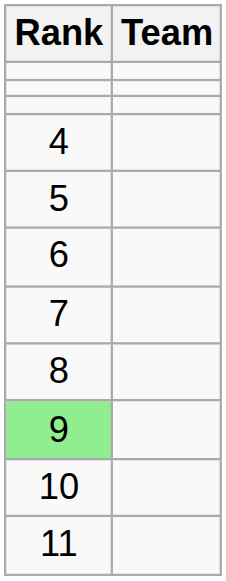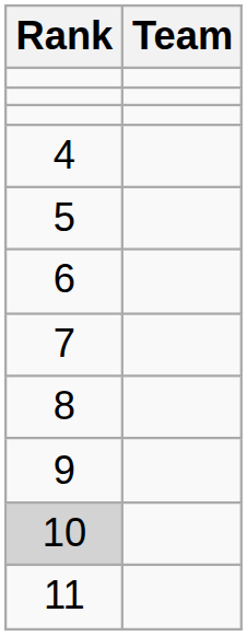 <table class="wikitable">
 <tr>
 <th style="width: 40px;">Rank</th>
 <th>Team</th>
 </tr>
 <tr>
 <td style="text-align: center;"></td>
 <td></td>
 </tr>
 <tr>
 <td style="text-align: center;"></td>
 <td></td>
 </tr>
 <tr>
 <td style="text-align: center;"></td>
 <td></td>
 </tr>
 <tr>
 <td style="text-align: center;">4</td>
 <td></td>
 </tr>
 <tr>
 <td style="text-align: center;">5</td>
 <td></td>
 </tr>
 <tr>
 <td style="text-align: center;">6</td>
 <td></td>
 </tr>
 <tr>
 <td style="text-align: center;">7</td>
 <td></td>
 </tr>
 <tr>
 <td style="text-align: center;">8</td>
 <td></td>
 </tr>
 <tr>
-<td style="background: lightgreen; text-align: center;">9</td>
+<td style="text-align: center;">9</td>
 <td></td>
 </tr>
 <tr>
-<td style="text-align: center;">10</td>
+<td style="background: lightgrey; text-align: center;">10</td>
 <td></td>
 </tr>
 <tr>
 <td style="text-align: center;">11</td>
 <td></td>
 </tr>
 </table>
